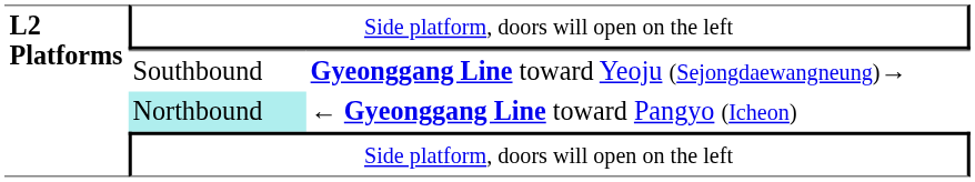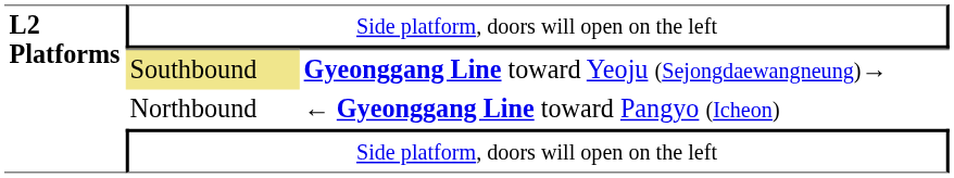 <table table border=0 cellspacing=0 cellpadding=3>
 <tr>
 <td style="border-top:solid 1px gray;border-bottom:solid 1px gray;" width=50 rowspan=10 valign=top><strong>L2<br>Platforms</strong></td>
 <td style="border-top:solid 1px gray;border-right:solid 2px black;border-left:solid 2px black;border-bottom:solid 2px black;text-align:center;" colspan=2><small><a href='#'>Side platform</a>, doors will open on the left</small></td>
 </tr>
 <tr>
-<td style="border-bottom:solid 0px gray;border-top:solid 1px gray;" width=100>Southbound</td>
+<td style="background: khaki; border-bottom:solid 0px gray;border-top:solid 1px gray;" width=100>Southbound</td>
 <td style="border-bottom:solid 0px gray;border-top:solid 1px gray;" width=390> <a href='#'><span><strong>Gyeonggang Line</strong></span></a> toward <a href='#'>Yeoju</a> <small>(<a href='#'>Sejongdaewangneung</a>)</small>→</td>
 </tr>
 <tr>
-<td style="background: paleturquoise;">Northbound</td>
+<td>Northbound</td>
 <td>← <a href='#'><span><strong>Gyeonggang Line</strong></span></a> toward <a href='#'>Pangyo</a> <small>(<a href='#'>Icheon</a>)</small></td>
 </tr>
 <tr>
 <td style="border-top:solid 2px black;border-right:solid 2px black;border-left:solid 2px black;border-bottom:solid 1px gray;text-align:center;" colspan=2><small><a href='#'>Side platform</a>, doors will open on the left</small></td>
 </tr>
 </table>
